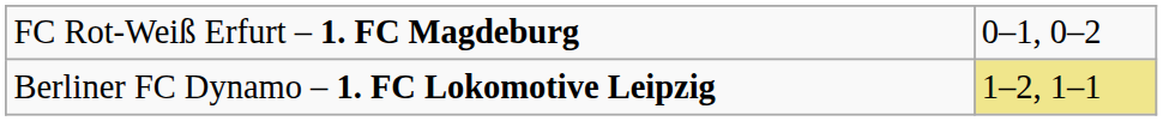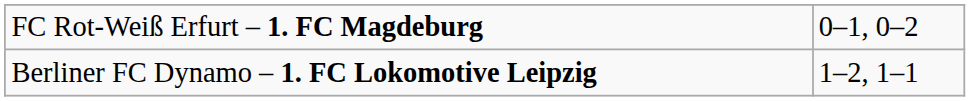 <table class="wikitable" style="width:540px;">
 <tr>
 <td>FC Rot-Weiß Erfurt – <strong>1. FC Magdeburg</strong></td>
 <td>0–1, 0–2</td>
 </tr>
 <tr>
 <td>Berliner FC Dynamo – <strong>1. FC Lokomotive Leipzig</strong></td>
-<td style="background: khaki;">1–2, 1–1</td>
+<td>1–2, 1–1</td>
 </tr>
 </table>
